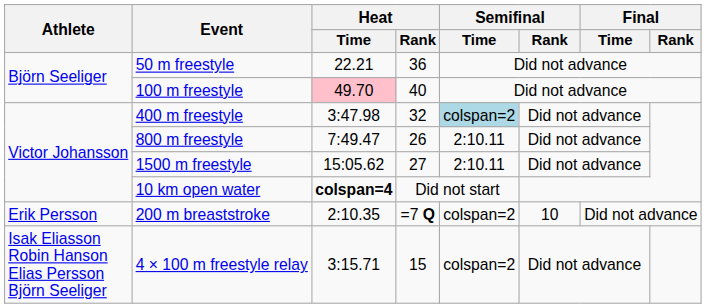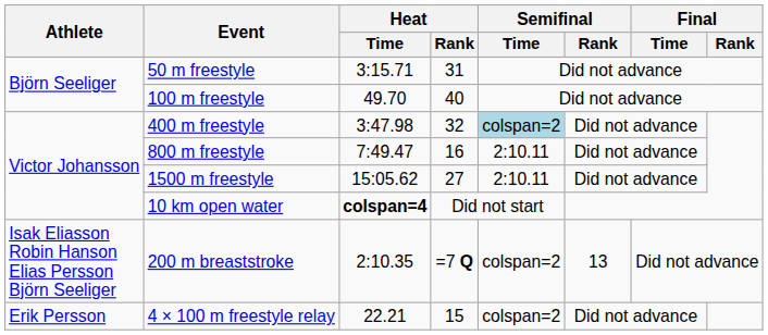 <table class=wikitable style="font-size:90%;">
 <tr>
 <th rowspan=2>Athlete</th>
 <th rowspan=2>Event</th>
 <th colspan=2>Heat</th>
 <th colspan=2>Semifinal</th>
 <th colspan=2>Final</th>
 </tr>
 <tr style="font-size:95%">
 <th>Time</th>
 <th>Rank</th>
 <th>Time</th>
 <th>Rank</th>
 <th>Time</th>
 <th>Rank</th>
 </tr>
 <tr align=center>
 <td align=left rowspan=2><a href='#'>Björn Seeliger</a></td>
 <td align=left><a href='#'>50 m freestyle</a></td>
-<td>22.21</td>
-<td>36</td>
+<td>3:15.71</td>
+<td>31</td>
 <td colspan=4>Did not advance</td>
 </tr>
 <tr align=center>
 <td align=left><a href='#'>100 m freestyle</a></td>
-<td style="background: pink;">49.70</td>
+<td>49.70</td>
 <td>40</td>
 <td colspan=4>Did not advance</td>
 </tr>
 <tr align=center>
 <td align=left rowspan=4><a href='#'>Victor Johansson</a></td>
 <td align=left><a href='#'>400 m freestyle</a></td>
 <td>3:47.98</td>
 <td>32</td>
 <td style="background: lightblue;">colspan=2 </td>
 <td colspan=2>Did not advance</td>
 </tr>
 <tr align=center>
 <td align=left><a href='#'>800 m freestyle</a></td>
 <td>7:49.47</td>
-<td>26</td>
+<td>16</td>
 <td>2:10.11</td>
 <td colspan=2>Did not advance</td>
 </tr>
 <tr align=center>
 <td align=left><a href='#'>1500 m freestyle</a></td>
 <td>15:05.62</td>
 <td>27</td>
 <td>2:10.11</td>
 <td colspan=2>Did not advance</td>
 </tr>
 <tr align=center>
 <td align=left><a href='#'>10 km open water</a></td>
 <td><strong>colspan=4 </strong></td>
 <td colspan=2>Did not start</td>
 </tr>
 <tr align=center>
-<td align=left><a href='#'>Erik Persson</a></td>
+<td align=left><a href='#'>Isak Eliasson</a><br><a href='#'>Robin Hanson</a><br><a href='#'>Elias Persson</a><br><a href='#'>Björn Seeliger</a></td>
 <td align=left><a href='#'>200 m breaststroke</a></td>
 <td>2:10.35</td>
 <td>=7 <strong>Q</strong></td>
 <td>colspan=2 </td>
-<td>10</td>
+<td>13</td>
 <td colspan=2>Did not advance</td>
 </tr>
 <tr align=center>
-<td align=left><a href='#'>Isak Eliasson</a><br><a href='#'>Robin Hanson</a><br><a href='#'>Elias Persson</a><br><a href='#'>Björn Seeliger</a></td>
+<td align=left><a href='#'>Erik Persson</a></td>
 <td align=left><a href='#'>4 × 100 m freestyle relay</a></td>
-<td>3:15.71</td>
+<td>22.21</td>
 <td>15</td>
 <td>colspan=2 </td>
 <td colspan=2>Did not advance</td>
 </tr>
 </table>
